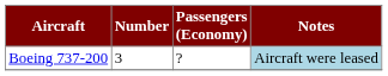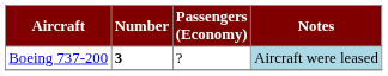 <table class="toccolours" border="1" cellpadding="3" style="margin:1em auto; border-collapse:collapse">
 <tr bgcolor=maroon>
 <th style="color:white;">Aircraft</th>
 <th style="color:white;">Number</th>
 <th style="color:white;">Passengers<br>(Economy)</th>
 <th style="color:white;">Notes</th>
 </tr>
 <tr>
 <td><a href='#'>Boeing 737-200</a></td>
-<td>3</td>
+<td><strong>3</strong></td>
 <td>?</td>
 <td style="background: lightblue;">Aircraft were leased</td>
 </tr>
 <tr>
 </tr>
 </table>
